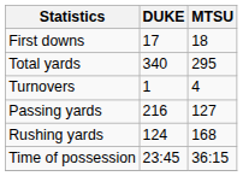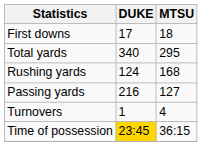 <table class="wikitable">
 <tr>
 <th>Statistics</th>
 <th>DUKE</th>
 <th>MTSU</th>
 </tr>
 <tr>
 <td>First downs</td>
 <td>17</td>
 <td>18</td>
 </tr>
 <tr>
 <td>Total yards</td>
 <td>340</td>
 <td>295</td>
 </tr>
 <tr>
-<td>Turnovers</td>
-<td>1</td>
-<td>4</td>
+<td>Rushing yards</td>
+<td>124</td>
+<td>168</td>
 </tr>
 <tr>
 <td>Passing yards</td>
 <td>216</td>
 <td>127</td>
 </tr>
 <tr>
-<td>Rushing yards</td>
-<td>124</td>
-<td>168</td>
+<td>Turnovers</td>
+<td>1</td>
+<td>4</td>
 </tr>
 <tr>
 <td>Time of possession</td>
-<td>23:45</td>
+<td style="background: gold;">23:45</td>
 <td>36:15</td>
 </tr>
 <tr>
 </tr>
 </table>
